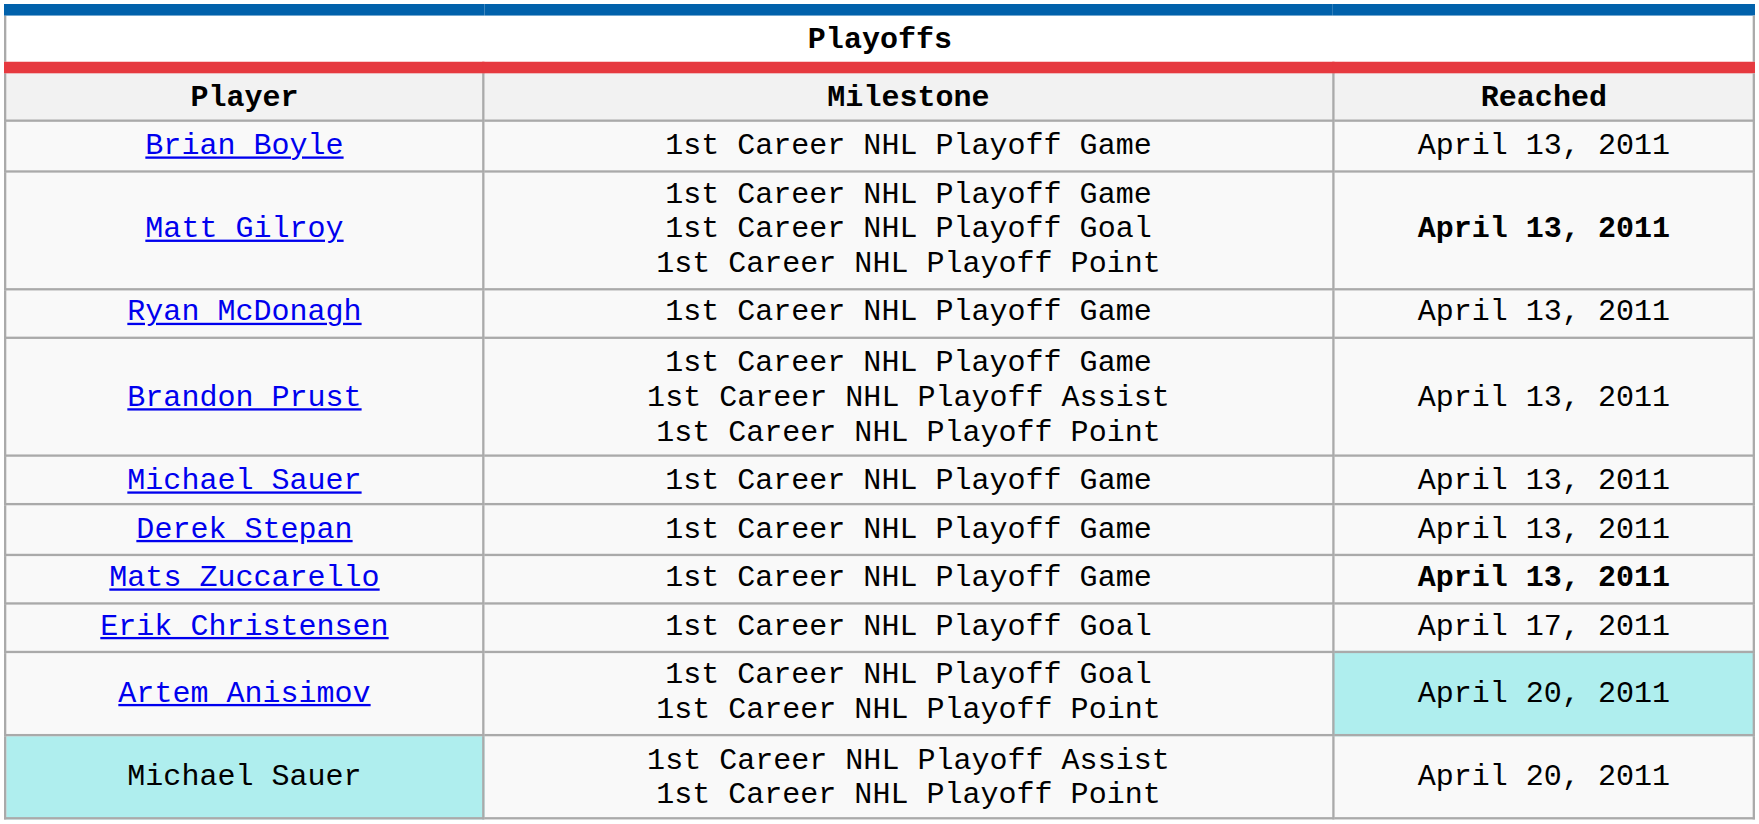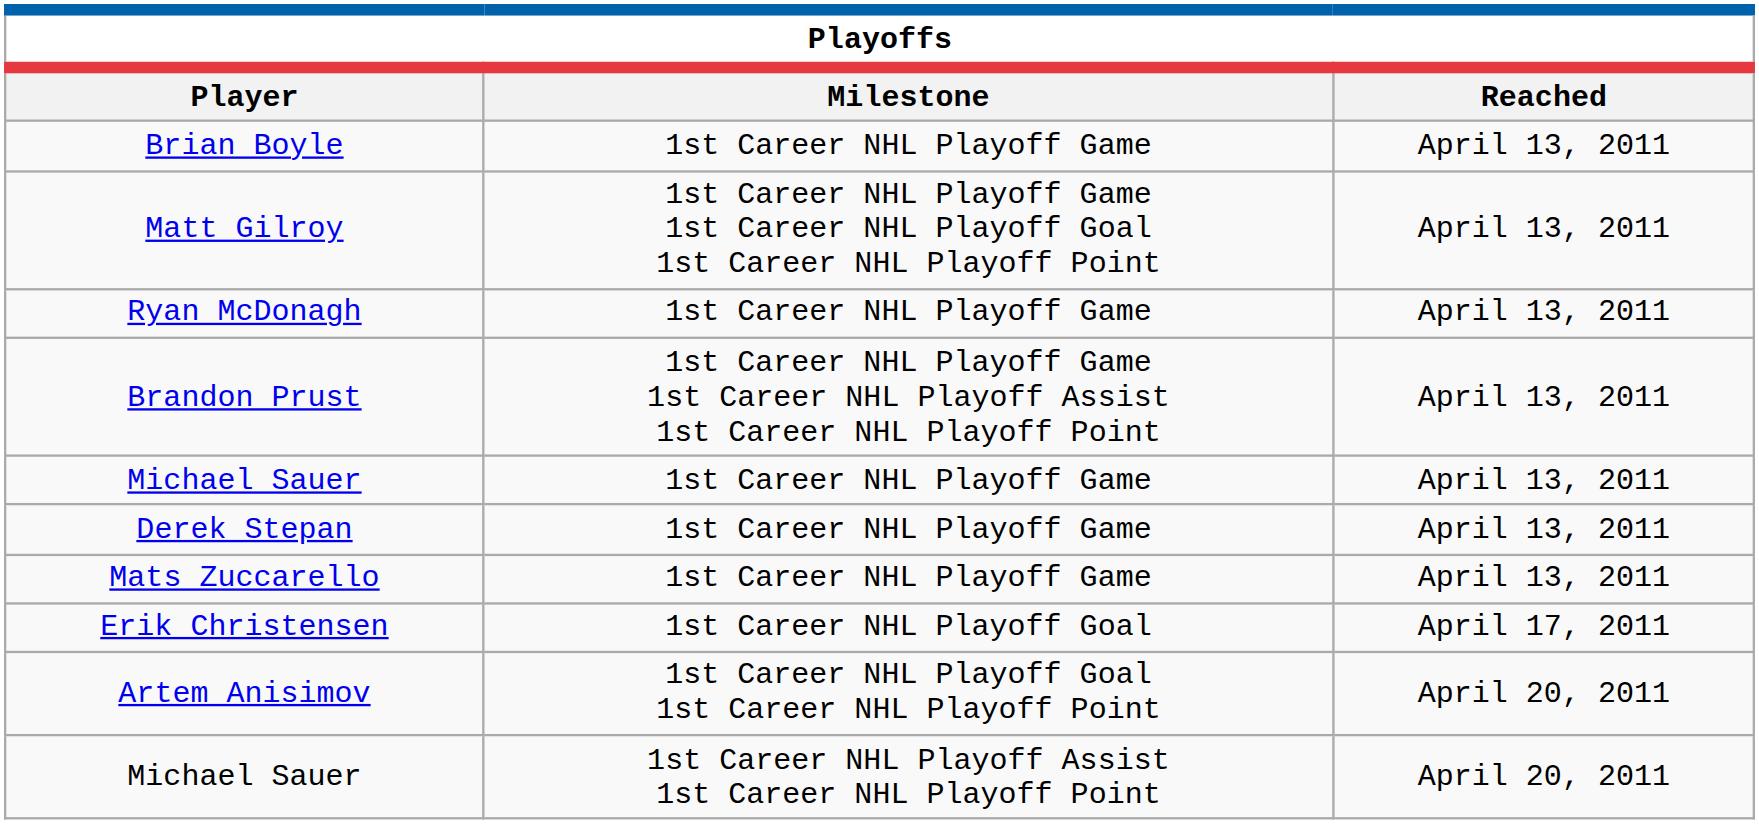 <table class="wikitable" width="60%" style="text-align:center">
 <tr>
 <td colspan="10" style="background:#FFFFFF; border-top:#0161AB 5px solid; border-bottom:#E6393F 5px solid;"><strong>Playoffs</strong></td>
 </tr>
 <tr>
 <th>Player</th>
 <th>Milestone</th>
 <th>Reached</th>
 </tr>
 <tr>
 <td><a href='#'>Brian Boyle</a></td>
 <td>1st Career NHL Playoff Game</td>
 <td>April 13, 2011</td>
 </tr>
 <tr>
 <td><a href='#'>Matt Gilroy</a></td>
 <td>1st Career NHL Playoff Game<br>1st Career NHL Playoff Goal<br>1st Career NHL Playoff Point</td>
-<td><strong>April 13, 2011</strong></td>
+<td>April 13, 2011</td>
 </tr>
 <tr>
 <td><a href='#'>Ryan McDonagh</a></td>
 <td>1st Career NHL Playoff Game</td>
 <td>April 13, 2011</td>
 </tr>
 <tr>
 <td><a href='#'>Brandon Prust</a></td>
 <td>1st Career NHL Playoff Game<br>1st Career NHL Playoff Assist<br>1st Career NHL Playoff Point</td>
 <td>April 13, 2011</td>
 </tr>
 <tr>
 <td><a href='#'>Michael Sauer</a></td>
 <td>1st Career NHL Playoff Game</td>
 <td>April 13, 2011</td>
 </tr>
 <tr>
 <td><a href='#'>Derek Stepan</a></td>
 <td>1st Career NHL Playoff Game</td>
 <td>April 13, 2011</td>
 </tr>
 <tr>
 <td><a href='#'>Mats Zuccarello</a></td>
 <td>1st Career NHL Playoff Game</td>
-<td><strong>April 13, 2011</strong></td>
+<td>April 13, 2011</td>
 </tr>
 <tr>
 <td><a href='#'>Erik Christensen</a></td>
 <td>1st Career NHL Playoff Goal</td>
 <td>April 17, 2011</td>
 </tr>
 <tr>
 <td><a href='#'>Artem Anisimov</a></td>
 <td>1st Career NHL Playoff Goal<br>1st Career NHL Playoff Point</td>
-<td style="background: paleturquoise;">April 20, 2011</td>
+<td>April 20, 2011</td>
 </tr>
 <tr>
-<td style="background: paleturquoise;">Michael Sauer</td>
+<td>Michael Sauer</td>
 <td>1st Career NHL Playoff Assist<br>1st Career NHL Playoff Point</td>
 <td>April 20, 2011</td>
 </tr>
 </table>
